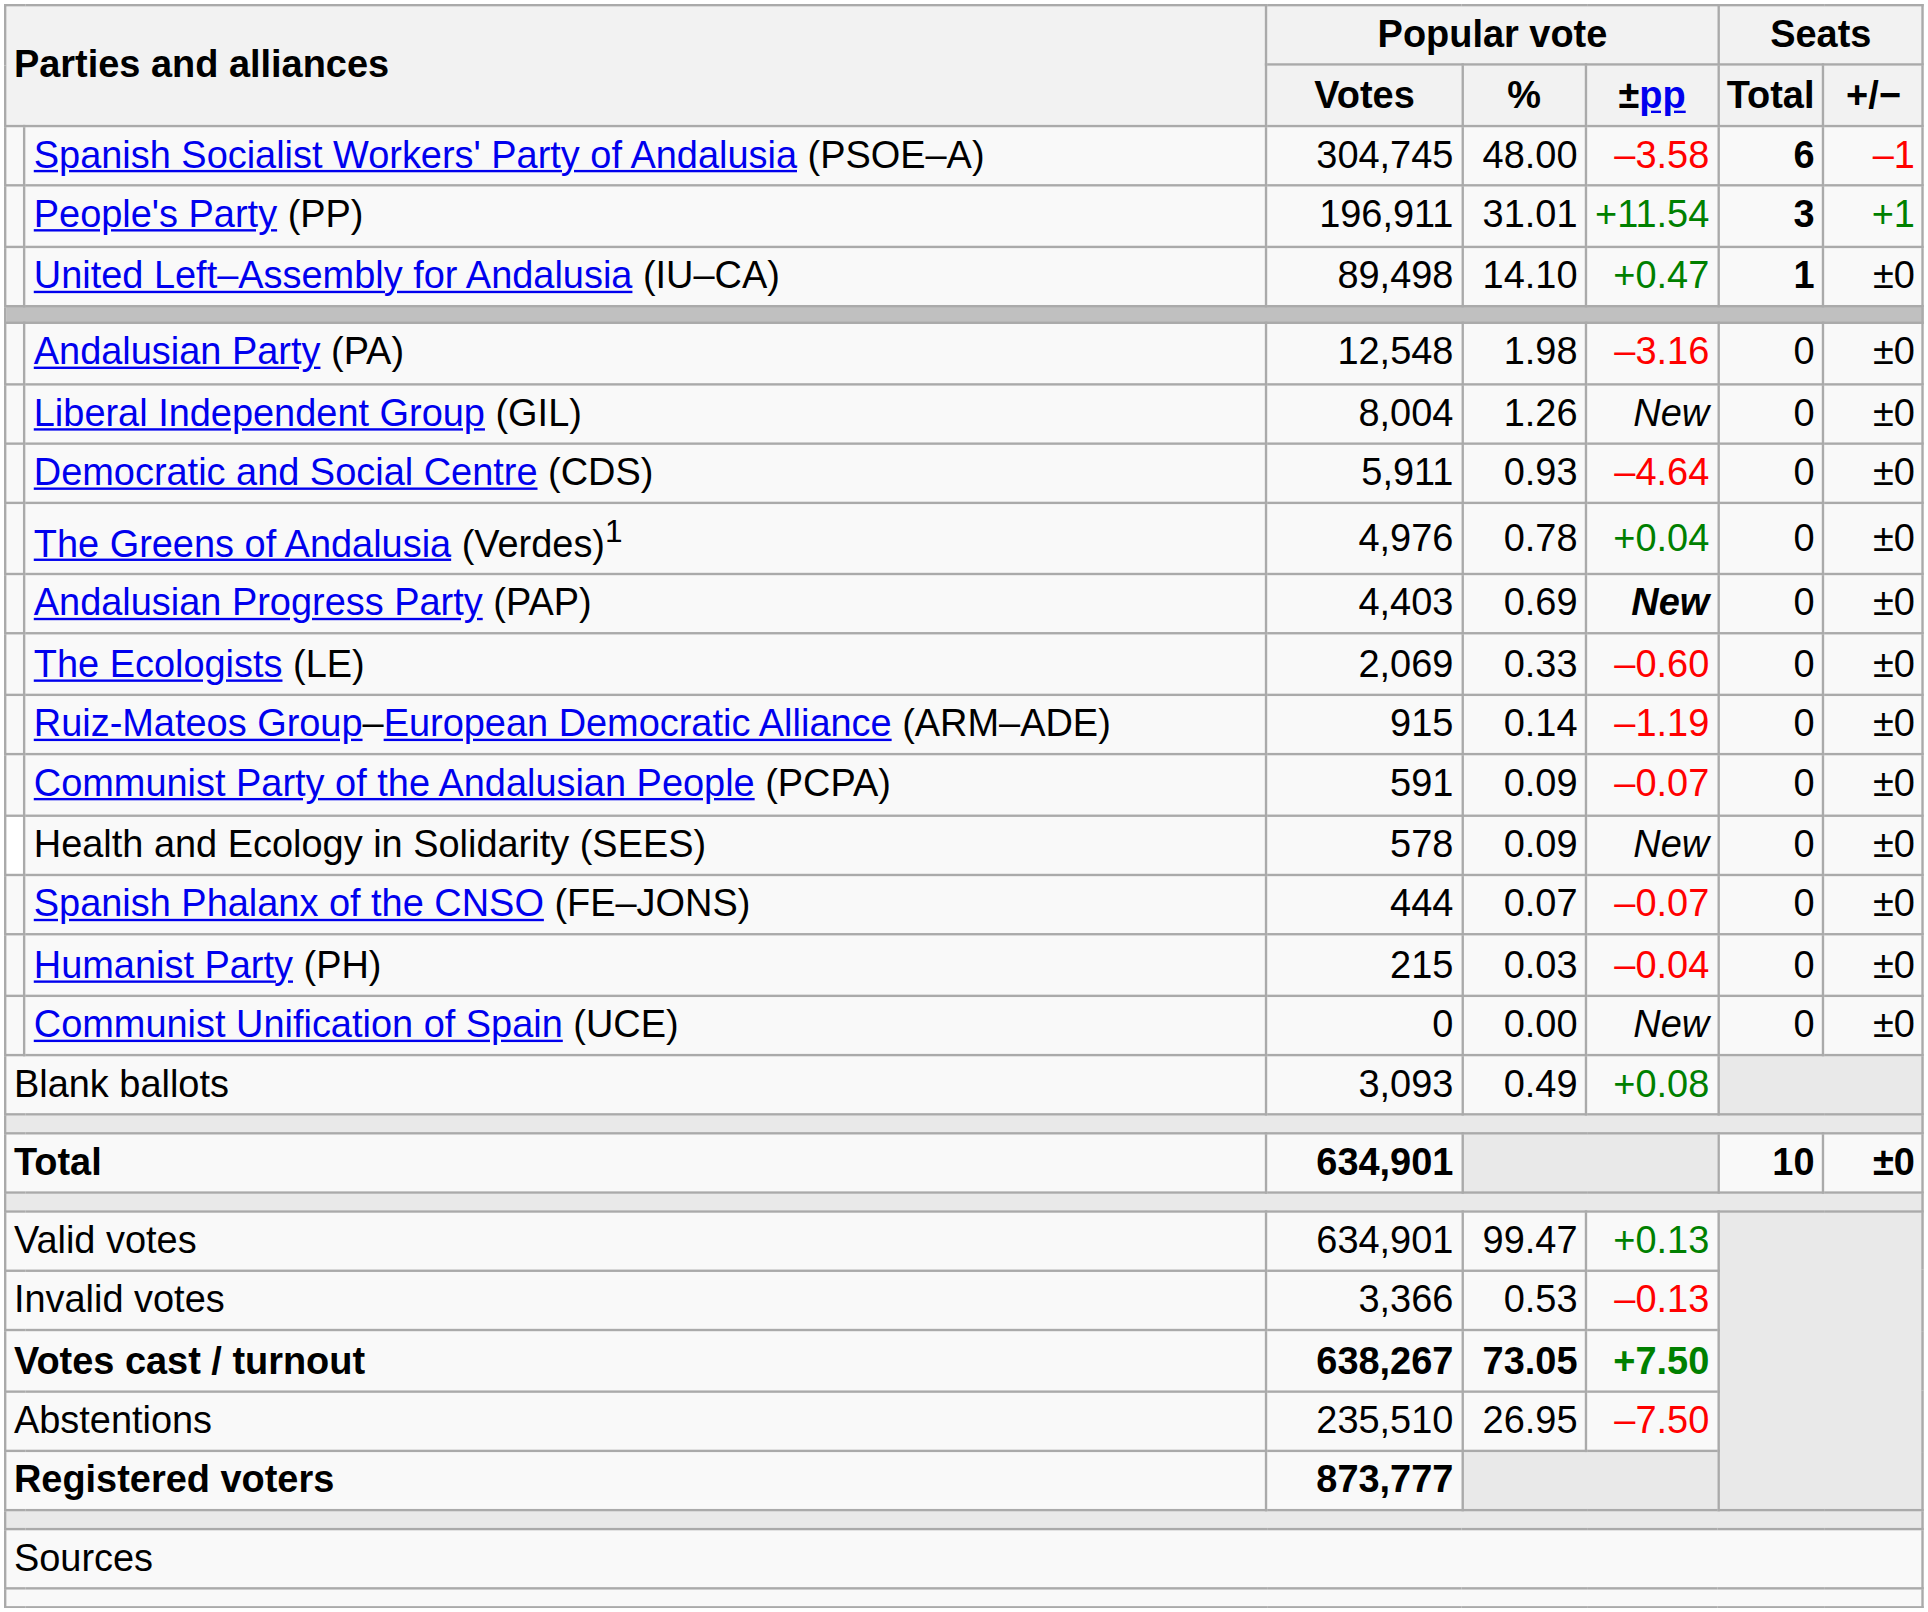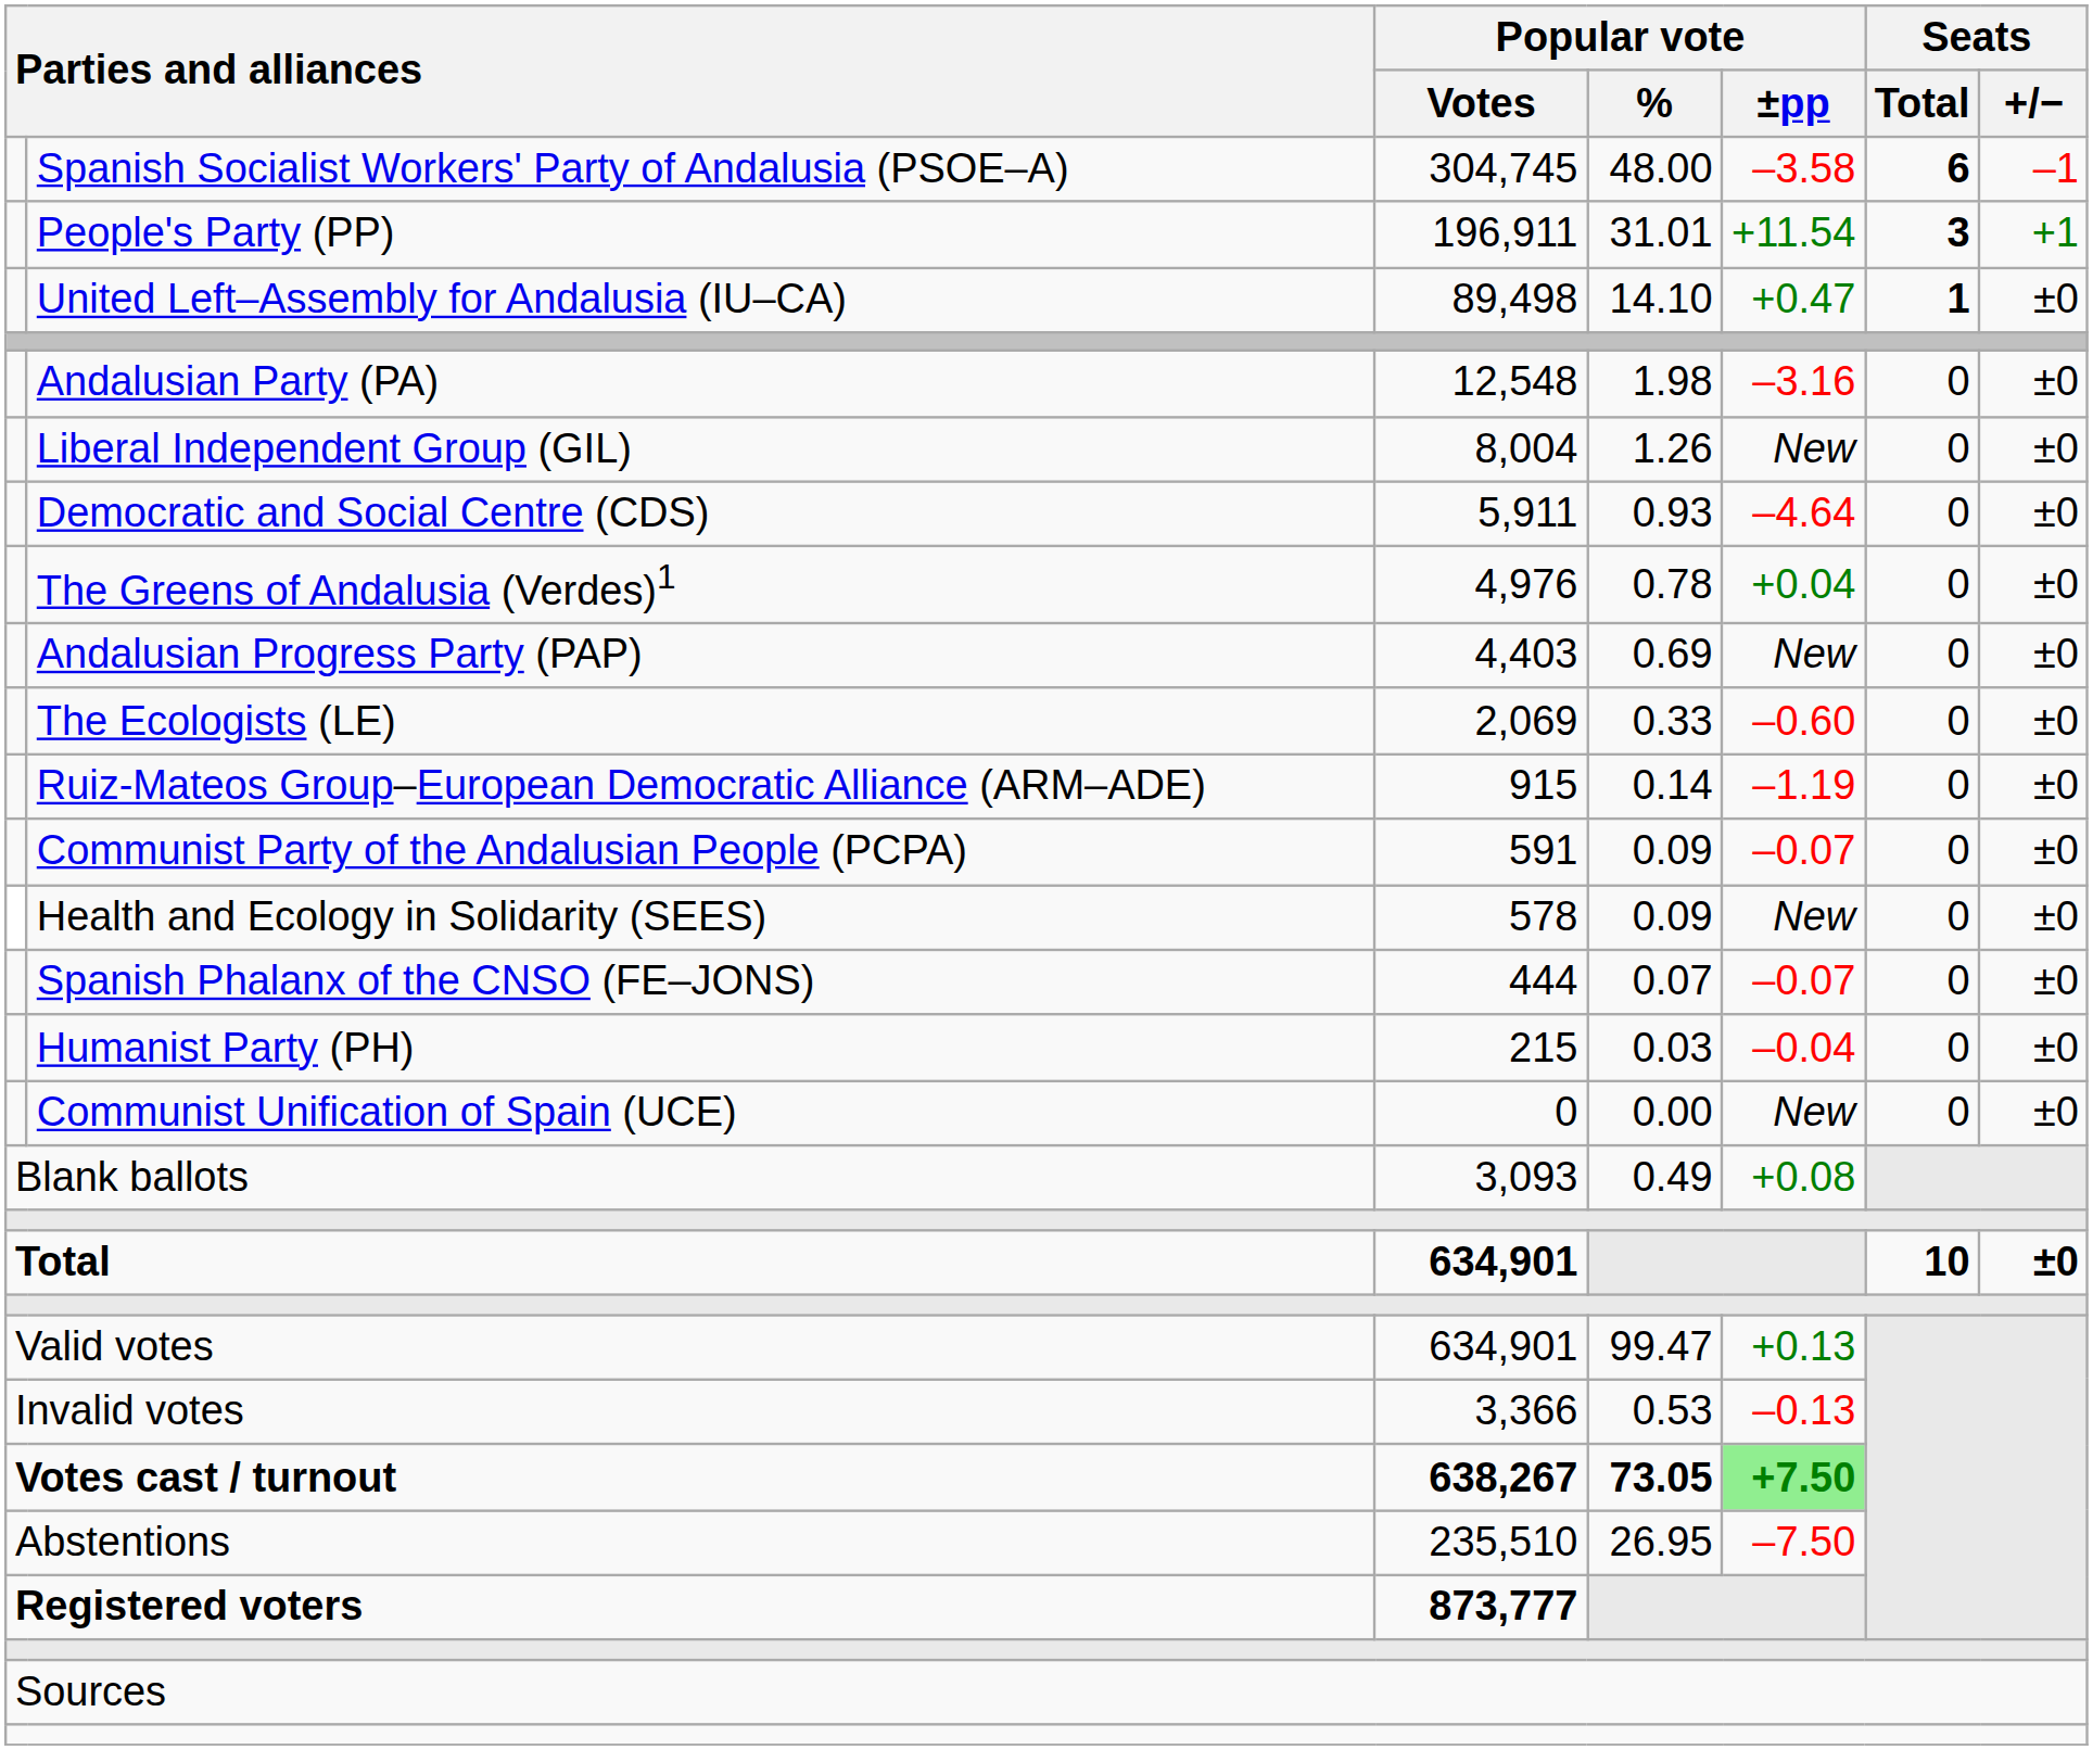 <table class="wikitable" style="text-align:right;">
 <tr>
 <th style="text-align:left;" rowspan="2" colspan="2" width="525">Parties and alliances</th>
 <th colspan="3">Popular vote</th>
 <th colspan="2">Seats</th>
 </tr>
 <tr>
 <th width="75">Votes</th>
 <th width="45">%</th>
 <th width="45">±<a href='#'>pp</a></th>
 <th width="35">Total</th>
 <th width="35">+/−</th>
 </tr>
 <tr>
 <td width="1" style="color:inherit;background:"></td>
 <td align="left"><a href='#'>Spanish Socialist Workers' Party of Andalusia</a> (PSOE–A)</td>
 <td>304,745</td>
 <td>48.00</td>
 <td style="color:red;">–3.58</td>
 <td><strong>6</strong></td>
 <td style="color:red;">–1</td>
 </tr>
 <tr>
 <td style="color:inherit;background:"></td>
 <td align="left"><a href='#'>People's Party</a> (PP)</td>
 <td>196,911</td>
 <td>31.01</td>
 <td style="color:green;">+11.54</td>
 <td><strong>3</strong></td>
 <td style="color:green;">+1</td>
 </tr>
 <tr>
 <td style="color:inherit;background:"></td>
 <td align="left"><a href='#'>United Left–Assembly for Andalusia</a> (IU–CA)</td>
 <td>89,498</td>
 <td>14.10</td>
 <td style="color:green;">+0.47</td>
 <td><strong>1</strong></td>
 <td>±0</td>
 </tr>
 <tr>
 <td colspan="7" bgcolor="#C0C0C0"></td>
 </tr>
 <tr>
 <td style="color:inherit;background:"></td>
 <td align="left"><a href='#'>Andalusian Party</a> (PA)</td>
 <td>12,548</td>
 <td>1.98</td>
 <td style="color:red;">–3.16</td>
 <td>0</td>
 <td>±0</td>
 </tr>
 <tr>
 <td style="color:inherit;background:"></td>
 <td align="left"><a href='#'>Liberal Independent Group</a> (GIL)</td>
 <td>8,004</td>
 <td>1.26</td>
 <td><em>New</em></td>
 <td>0</td>
 <td>±0</td>
 </tr>
 <tr>
 <td style="color:inherit;background:"></td>
 <td align="left"><a href='#'>Democratic and Social Centre</a> (CDS)</td>
 <td>5,911</td>
 <td>0.93</td>
 <td style="color:red;">–4.64</td>
 <td>0</td>
 <td>±0</td>
 </tr>
 <tr>
 <td style="color:inherit;background:"></td>
 <td align="left"><a href='#'>The Greens of Andalusia</a> (Verdes)<sup>1</sup></td>
 <td>4,976</td>
 <td>0.78</td>
 <td style="color:green;">+0.04</td>
 <td>0</td>
 <td>±0</td>
 </tr>
 <tr>
 <td style="color:inherit;background:"></td>
 <td align="left"><a href='#'>Andalusian Progress Party</a> (PAP)</td>
 <td>4,403</td>
 <td>0.69</td>
-<td><strong><em>New</em></strong></td>
+<td><em>New</em></td>
 <td>0</td>
 <td>±0</td>
 </tr>
 <tr>
 <td style="color:inherit;background:"></td>
 <td align="left"><a href='#'>The Ecologists</a> (LE)</td>
 <td>2,069</td>
 <td>0.33</td>
 <td style="color:red;">–0.60</td>
 <td>0</td>
 <td>±0</td>
 </tr>
 <tr>
 <td style="color:inherit;background:"></td>
 <td align="left"><a href='#'>Ruiz-Mateos Group</a>–<a href='#'>European Democratic Alliance</a> (ARM–ADE)</td>
 <td>915</td>
 <td>0.14</td>
 <td style="color:red;">–1.19</td>
 <td>0</td>
 <td>±0</td>
 </tr>
 <tr>
 <td style="color:inherit;background:"></td>
 <td align="left"><a href='#'>Communist Party of the Andalusian People</a> (PCPA)</td>
 <td>591</td>
 <td>0.09</td>
 <td style="color:red;">–0.07</td>
 <td>0</td>
 <td>±0</td>
 </tr>
 <tr>
 <td bgcolor="white"></td>
 <td align="left">Health and Ecology in Solidarity (SEES)</td>
 <td>578</td>
 <td>0.09</td>
 <td><em>New</em></td>
 <td>0</td>
 <td>±0</td>
 </tr>
 <tr>
 <td style="color:inherit;background:"></td>
 <td align="left"><a href='#'>Spanish Phalanx of the CNSO</a> (FE–JONS)</td>
 <td>444</td>
 <td>0.07</td>
 <td style="color:red;">–0.07</td>
 <td>0</td>
 <td>±0</td>
 </tr>
 <tr>
 <td style="color:inherit;background:"></td>
 <td align="left"><a href='#'>Humanist Party</a> (PH)</td>
 <td>215</td>
 <td>0.03</td>
 <td style="color:red;">–0.04</td>
 <td>0</td>
 <td>±0</td>
 </tr>
 <tr>
 <td style="color:inherit;background:"></td>
 <td align="left"><a href='#'>Communist Unification of Spain</a> (UCE)</td>
 <td>0</td>
 <td>0.00</td>
 <td><em>New</em></td>
 <td>0</td>
 <td>±0</td>
 </tr>
 <tr>
 <td align="left" colspan="2">Blank ballots</td>
 <td>3,093</td>
 <td>0.49</td>
 <td style="color:green;">+0.08</td>
 <td bgcolor="#E9E9E9" colspan="2"></td>
 </tr>
 <tr>
 <td colspan="7" bgcolor="#E9E9E9"></td>
 </tr>
 <tr style="font-weight:bold;">
 <td align="left" colspan="2">Total</td>
 <td>634,901</td>
 <td bgcolor="#E9E9E9" colspan="2"></td>
 <td>10</td>
 <td>±0</td>
 </tr>
 <tr>
 <td colspan="7" bgcolor="#E9E9E9"></td>
 </tr>
 <tr>
 <td align="left" colspan="2">Valid votes</td>
 <td>634,901</td>
 <td>99.47</td>
 <td style="color:green;">+0.13</td>
 <td bgcolor="#E9E9E9" colspan="2" rowspan="5"></td>
 </tr>
 <tr>
 <td align="left" colspan="2">Invalid votes</td>
 <td>3,366</td>
 <td>0.53</td>
 <td style="color:red;">–0.13</td>
 </tr>
 <tr style="font-weight:bold;">
 <td align="left" colspan="2">Votes cast / turnout</td>
 <td>638,267</td>
 <td>73.05</td>
-<td style="color:green;">+7.50</td>
+<td style="background: lightgreen; color:green;">+7.50</td>
 </tr>
 <tr>
 <td align="left" colspan="2">Abstentions</td>
 <td>235,510</td>
 <td>26.95</td>
 <td style="color:red;">–7.50</td>
 </tr>
 <tr style="font-weight:bold;">
 <td align="left" colspan="2">Registered voters</td>
 <td>873,777</td>
 <td bgcolor="#E9E9E9" colspan="2"></td>
 </tr>
 <tr>
 <td colspan="7" bgcolor="#E9E9E9"></td>
 </tr>
 <tr>
 <td align="left" colspan="7">Sources</td>
 </tr>
 <tr>
 <td colspan="7" style="text-align:left; max-width:790px;"></td>
 </tr>
 </table>
